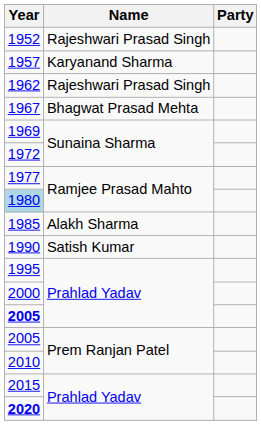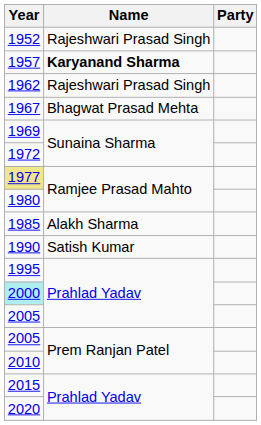 <table class="wikitable sortable" style="font-size: x-big; font-family: arial">
 <tr>
 <th>Year</th>
 <th>Name</th>
 <th colspan="2">Party</th>
 </tr>
 <tr>
 <td><a href='#'>1952</a></td>
 <td>Rajeshwari Prasad Singh</td>
 <td></td>
 </tr>
 <tr>
 <td><a href='#'>1957</a></td>
-<td>Karyanand Sharma</td>
+<td><strong>Karyanand Sharma</strong></td>
 <td></td>
 </tr>
 <tr>
 <td><a href='#'>1962</a></td>
 <td>Rajeshwari Prasad Singh</td>
 <td></td>
 </tr>
 <tr>
 <td><a href='#'>1967</a></td>
 <td>Bhagwat Prasad Mehta</td>
 <td></td>
 </tr>
 <tr>
 <td><a href='#'>1969</a></td>
 <td rowspan="2">Sunaina Sharma</td>
 <td></td>
 </tr>
 <tr>
 <td><a href='#'>1972</a></td>
 </tr>
 <tr>
-<td><a href='#'>1977</a></td>
+<td style="background: khaki;"><a href='#'>1977</a></td>
 <td rowspan=2>Ramjee Prasad Mahto</td>
 <td></td>
 </tr>
 <tr>
-<td style="background: lightblue;"><a href='#'>1980</a></td>
+<td><a href='#'>1980</a></td>
 <td></td>
 </tr>
 <tr>
 <td><a href='#'>1985</a></td>
 <td>Alakh Sharma</td>
 <td></td>
 </tr>
 <tr>
 <td><a href='#'>1990</a></td>
 <td>Satish Kumar</td>
 <td></td>
 </tr>
 <tr>
 <td><a href='#'>1995</a></td>
 <td rowspan="3"><a href='#'>Prahlad Yadav</a></td>
 <td></td>
 </tr>
 <tr>
-<td><a href='#'>2000</a></td>
+<td style="background: paleturquoise;"><a href='#'>2000</a></td>
 <td></td>
 </tr>
 <tr>
-<td><strong><a href='#'>2005</a></strong></td>
+<td><a href='#'>2005</a></td>
 </tr>
 <tr>
 <td><a href='#'>2005</a></td>
 <td rowspan="2">Prem Ranjan Patel</td>
 <td></td>
 </tr>
 <tr>
 <td><a href='#'>2010</a></td>
 </tr>
 <tr>
 <td><a href='#'>2015</a></td>
 <td rowspan="2"><a href='#'>Prahlad Yadav</a></td>
 <td></td>
 </tr>
 <tr>
-<td><strong><a href='#'>2020</a></strong></td>
+<td><a href='#'>2020</a></td>
 </tr>
 </table>
